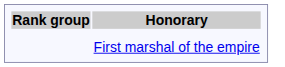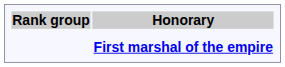 <table style="border:1px solid #8888aa; background-color:#f7f8ff; padding:5px; font-size:95%; margin: 0px 12px 12px 0px; text-align:center;">
 <tr bgcolor="#CCCCCC">
 <th>Rank group</th>
 <th colspan=2>Honorary</th>
 </tr>
 <tr>
 <td rowspan=3></td>
 <td></td>
 </tr>
 <tr>
 <td></td>
 </tr>
 <tr>
-<td><a href='#'>First marshal of the empire</a></td>
+<td><strong><a href='#'>First marshal of the empire</a></strong></td>
 </tr>
 </table>
